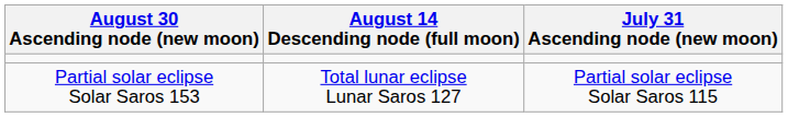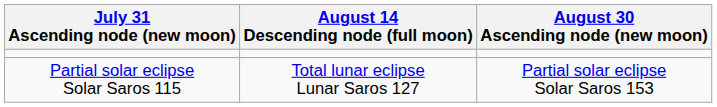 <table class="wikitable">
 <tr>
+<th><a href='#'>July 31</a><br>Ascending node (new moon)</th>
+<th><a href='#'>August 14</a><br>Descending node (full moon)</th>
 <th><a href='#'>August 30</a><br>Ascending node (new moon)</th>
-<th><a href='#'>August 14</a><br>Descending node (full moon)</th>
-<th><a href='#'>July 31</a><br>Ascending node (new moon)</th>
 </tr>
 <tr>
 <td></td>
 <td></td>
 <td></td>
 </tr>
 <tr align=center>
+<td><a href='#'>Partial solar eclipse</a><br>Solar Saros 115</td>
+<td><a href='#'>Total lunar eclipse</a><br>Lunar Saros 127</td>
 <td><a href='#'>Partial solar eclipse</a><br>Solar Saros 153</td>
-<td><a href='#'>Total lunar eclipse</a><br>Lunar Saros 127</td>
-<td><a href='#'>Partial solar eclipse</a><br>Solar Saros 115</td>
 </tr>
 </table>
